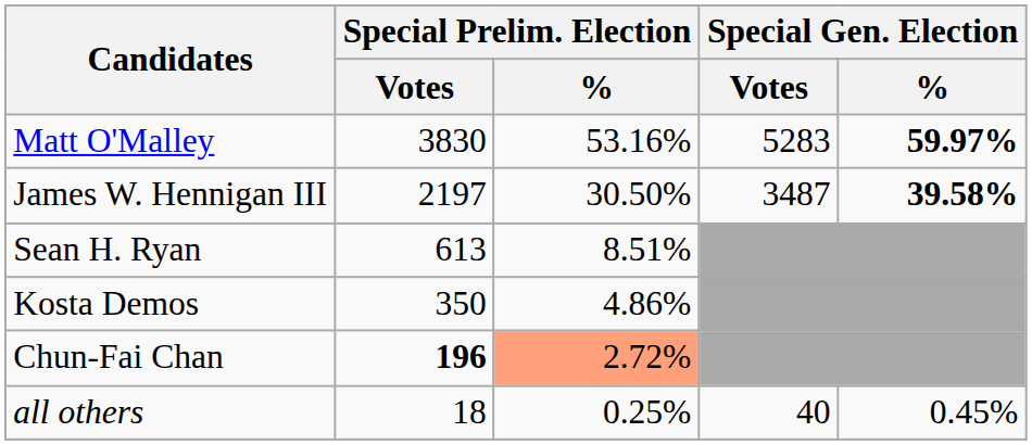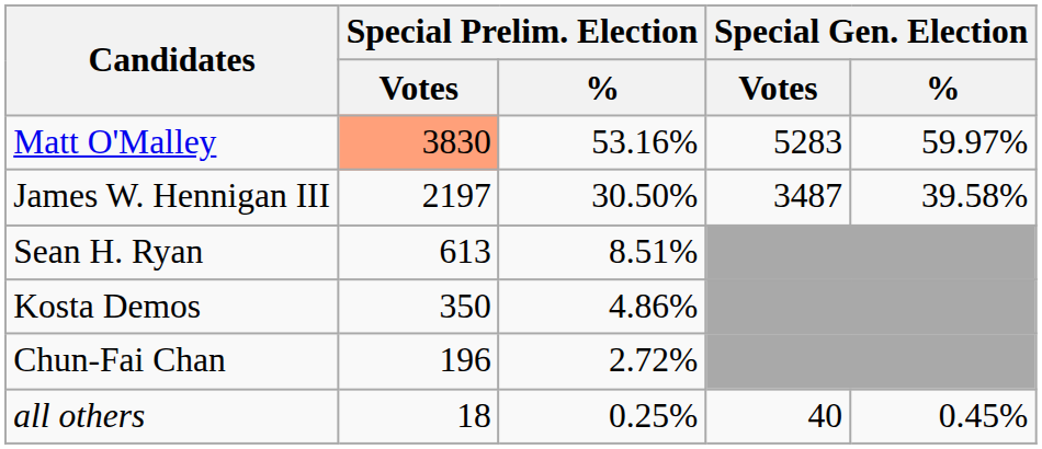 <table class=wikitable>
 <tr>
 <th colspan=1 rowspan=2><strong>Candidates</strong></th>
 <th colspan=2><strong>Special Prelim. Election</strong></th>
 <th colspan=2><strong>Special Gen. Election</strong></th>
 </tr>
 <tr>
 <th>Votes</th>
 <th>%</th>
 <th>Votes</th>
 <th>%</th>
 </tr>
 <tr>
 <td><a href='#'>Matt O'Malley</a></td>
-<td align="right">3830</td>
+<td align="right" style="background: lightsalmon;">3830</td>
 <td align="right">53.16%</td>
 <td align="right">5283</td>
-<td align="right"><strong>59.97%</strong></td>
+<td align="right">59.97%</td>
 </tr>
 <tr>
 <td>James W. Hennigan III</td>
 <td align="right">2197</td>
 <td align="right">30.50%</td>
 <td align="right">3487</td>
-<td align="right"><strong>39.58%</strong></td>
+<td align="right">39.58%</td>
 </tr>
 <tr>
 <td>Sean H. Ryan</td>
 <td align="right">613</td>
 <td align="right">8.51%</td>
 <td colspan=2 bgcolor=darkgray> </td>
 </tr>
 <tr>
 <td>Kosta Demos</td>
 <td align="right">350</td>
 <td align="right">4.86%</td>
 <td colspan=2 bgcolor=darkgray> </td>
 </tr>
 <tr>
 <td>Chun-Fai Chan</td>
-<td align="right"><strong>196</strong></td>
-<td align="right" style="background: lightsalmon;">2.72%</td>
+<td align="right">196</td>
+<td align="right">2.72%</td>
 <td colspan=2 bgcolor=darkgray> </td>
 </tr>
 <tr>
 <td><em>all others</em></td>
 <td align="right">18</td>
 <td align="right">0.25%</td>
 <td align="right">40</td>
 <td align="right">0.45%</td>
 </tr>
 </table>
